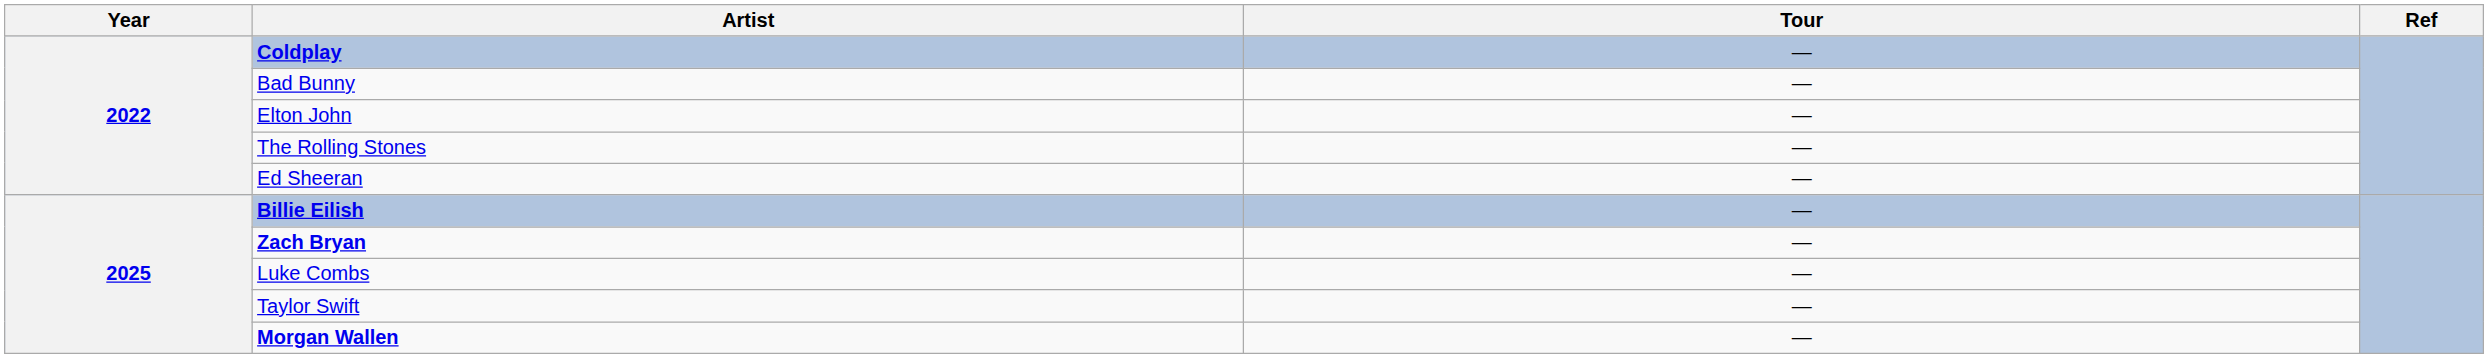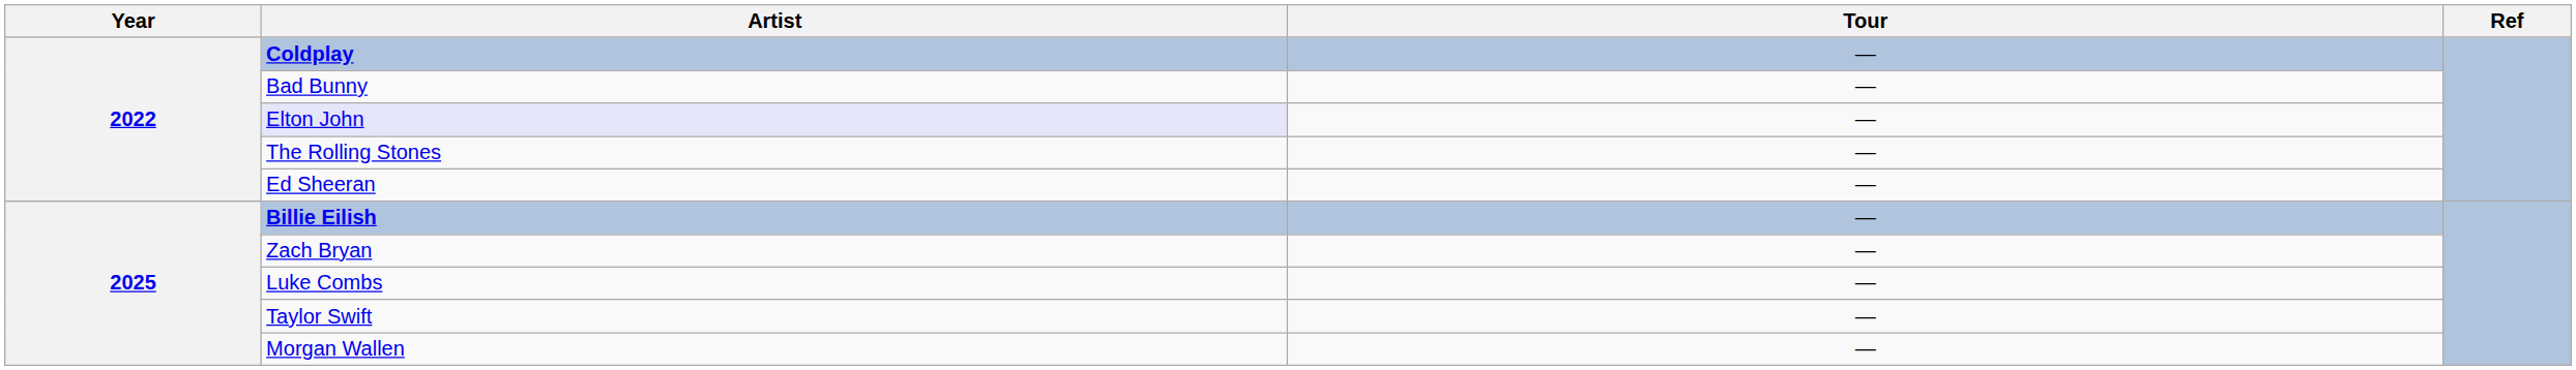 <table class="wikitable" width="100%">
 <tr>
 <th width="10%">Year</th>
 <th width="40%">Artist</th>
 <th width="45%">Tour</th>
 <th width="5%">Ref</th>
 </tr>
 <tr style="background:#B0C4DE">
 <th rowspan="5"><a href='#'>2022<br></a></th>
 <td><strong><a href='#'>Coldplay</a></strong></td>
 <td align="center">—</td>
 <td rowspan="5" align="center"></td>
 </tr>
 <tr>
 <td><a href='#'>Bad Bunny</a></td>
 <td align="center">—</td>
 </tr>
 <tr>
-<td><a href='#'>Elton John</a></td>
+<td style="background: lavender;"><a href='#'>Elton John</a></td>
 <td align="center">—</td>
 </tr>
 <tr>
 <td><a href='#'>The Rolling Stones</a></td>
 <td align="center">—</td>
 </tr>
 <tr>
 <td><a href='#'>Ed Sheeran</a></td>
 <td align="center">—</td>
 </tr>
 <tr style="background:#B0C4DE">
 <th rowspan="5"><a href='#'>2025<br></a></th>
 <td><a href='#'><strong>Billie Eilish</strong></a></td>
 <td align="center">—</td>
 <td rowspan="5" align="center"></td>
 </tr>
 <tr>
-<td><strong><a href='#'>Zach Bryan</a></strong></td>
+<td><a href='#'>Zach Bryan</a></td>
 <td align="center">—</td>
 </tr>
 <tr>
 <td><a href='#'>Luke Combs</a></td>
 <td align="center">—</td>
 </tr>
 <tr>
 <td><a href='#'>Taylor Swift</a></td>
 <td align="center">—</td>
 </tr>
 <tr>
-<td><strong><a href='#'>Morgan Wallen</a></strong></td>
+<td><a href='#'>Morgan Wallen</a></td>
 <td align="center">—</td>
 </tr>
 </table>
